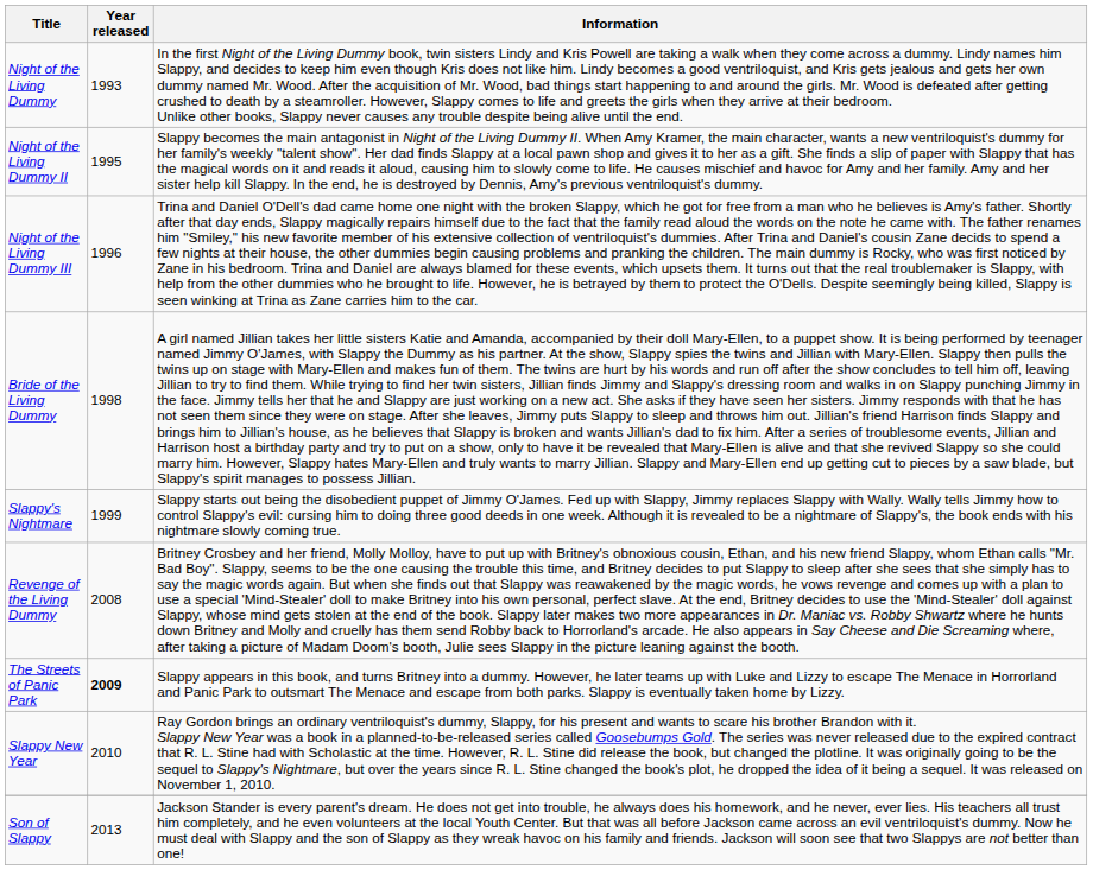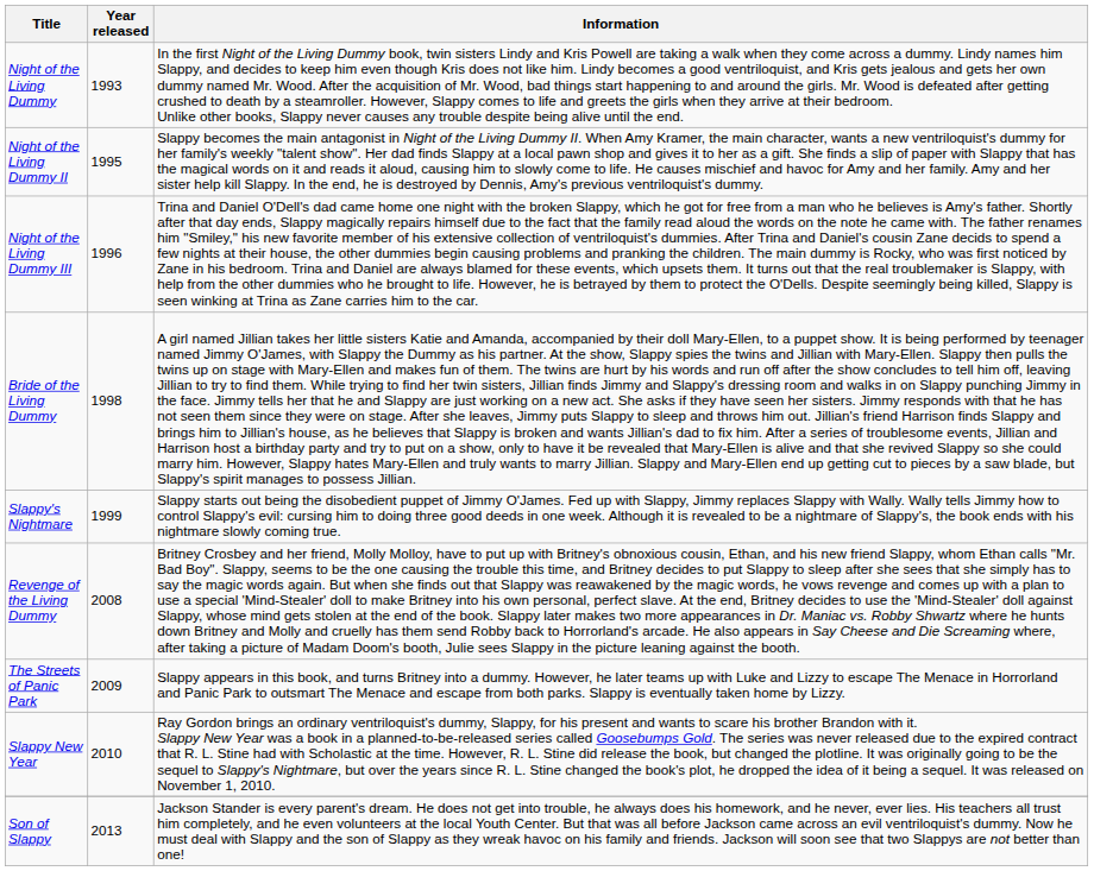 <table class="wikitable">
 <tr>
 <th>Title</th>
 <th>Year released</th>
 <th>Information</th>
 </tr>
 <tr>
 <td><em><a href='#'>Night of the Living Dummy</a></em></td>
 <td>1993</td>
 <td>In the first <em>Night of the Living Dummy</em> book, twin sisters Lindy and Kris Powell are taking a walk when they come across a dummy. Lindy names him Slappy, and decides to keep him even though Kris does not like him. Lindy becomes a good ventriloquist, and Kris gets jealous and gets her own dummy named Mr. Wood. After the acquisition of Mr. Wood, bad things start happening to and around the girls. Mr. Wood is defeated after getting crushed to death by a steamroller. However, Slappy comes to life and greets the girls when they arrive at their bedroom.<br>Unlike other books, Slappy never causes any trouble despite being alive until the end.</td>
 </tr>
 <tr>
 <td><em><a href='#'>Night of the Living Dummy II</a></em></td>
 <td>1995</td>
 <td>Slappy becomes the main antagonist in <em>Night of the Living Dummy II</em>. When Amy Kramer, the main character, wants a new ventriloquist's dummy for her family's weekly "talent show". Her dad finds Slappy at a local pawn shop and gives it to her as a gift. She finds a slip of paper with Slappy that has the magical words on it and reads it aloud, causing him to slowly come to life. He causes mischief and havoc for Amy and her family. Amy and her sister help kill Slappy. In the end, he is destroyed by Dennis, Amy's previous ventriloquist's dummy.</td>
 </tr>
 <tr>
 <td><em><a href='#'>Night of the Living Dummy III</a></em></td>
 <td>1996</td>
 <td>Trina and Daniel O'Dell's dad came home one night with the broken Slappy, which he got for free from a man who he believes is Amy's father. Shortly after that day ends, Slappy magically repairs himself due to the fact that the family read aloud the words on the note he came with. The father renames him "Smiley," his new favorite member of his extensive collection of ventriloquist's dummies. After Trina and Daniel's cousin Zane decids to spend a few nights at their house, the other dummies begin causing problems and pranking the children. The main dummy is Rocky, who was first noticed by Zane in his bedroom. Trina and Daniel are always blamed for these events, which upsets them. It turns out that the real troublemaker is Slappy, with help from the other dummies who he brought to life.  However, he is betrayed by them to protect the O'Dells. Despite seemingly being killed, Slappy is seen winking at Trina as Zane carries him to the car.</td>
 </tr>
 <tr>
 <td><em><a href='#'>Bride of the Living Dummy</a></em></td>
 <td>1998</td>
 <td><br>A girl named Jillian takes her little sisters Katie and Amanda, accompanied by their doll Mary-Ellen, to a puppet show. It is being performed by teenager named Jimmy O'James, with Slappy the Dummy as his partner. At the show, Slappy spies the twins and Jillian with Mary-Ellen. Slappy then pulls the twins up on stage with Mary-Ellen and makes fun of them. The twins are hurt by his words and run off after the show concludes to tell him off, leaving Jillian to try to find them. While trying to find her twin sisters, Jillian finds Jimmy and Slappy's dressing room and walks in on Slappy punching Jimmy in the face. Jimmy tells her that he and Slappy are just working on a new act. She asks if they have seen her sisters. Jimmy responds with that he has not seen them since they were on stage. After she leaves, Jimmy puts Slappy to sleep and throws him out. Jillian's friend Harrison finds Slappy and brings him to Jillian's house, as he believes that Slappy is broken and wants Jillian's dad to fix him. After a series of troublesome events, Jillian and Harrison host a birthday party and try to put on a show, only to have it be revealed that Mary-Ellen is alive and that she revived Slappy so she could marry him. However, Slappy hates Mary-Ellen and truly wants to marry Jillian. Slappy and Mary-Ellen end up getting cut to pieces by a saw blade, but Slappy's spirit manages to possess Jillian.</td>
 </tr>
 <tr>
 <td><em><a href='#'>Slappy's Nightmare</a></em></td>
 <td>1999</td>
 <td>Slappy starts out being the disobedient puppet of Jimmy O'James. Fed up with Slappy, Jimmy replaces Slappy with Wally. Wally tells Jimmy how to control Slappy's evil: cursing him to doing three good deeds in one week. Although it is revealed to be a nightmare of Slappy's, the book ends with his nightmare slowly coming true.</td>
 </tr>
 <tr>
 <td><em><a href='#'>Revenge of the Living Dummy</a></em></td>
 <td>2008</td>
 <td>Britney Crosbey and her friend, Molly Molloy, have to put up with Britney's obnoxious cousin, Ethan, and his new friend Slappy, whom Ethan calls "Mr. Bad Boy". Slappy, seems to be the one causing the trouble this time, and Britney decides to put Slappy to sleep after she sees that she simply has to say the magic words again. But when she finds out that Slappy was reawakened by the magic words, he vows revenge and comes up with a plan to use a special 'Mind-Stealer' doll to make Britney into his own personal, perfect slave. At the end, Britney decides to use the 'Mind-Stealer' doll against Slappy, whose mind gets stolen at the end of the book. Slappy later makes two more appearances in <em>Dr. Maniac vs. Robby Shwartz</em> where he hunts down Britney and Molly and cruelly has them send Robby back to Horrorland's arcade. He also appears in <em>Say Cheese and Die Screaming</em> where, after taking a picture of Madam Doom's booth, Julie sees Slappy in the picture leaning against the booth.</td>
 </tr>
 <tr>
 <td><em><a href='#'>The Streets of Panic Park</a></em></td>
-<td><strong>2009</strong></td>
+<td>2009</td>
 <td>Slappy appears in this book, and turns Britney into a dummy. However, he later teams up with Luke and Lizzy to escape The Menace in Horrorland and Panic Park to outsmart The Menace and escape from both parks. Slappy is eventually taken home by Lizzy.</td>
 </tr>
 <tr>
 <td><em><a href='#'>Slappy New Year</a></em></td>
 <td>2010</td>
 <td>Ray Gordon brings an ordinary ventriloquist's dummy, Slappy, for his present and wants to scare his brother Brandon with it.<br><em>Slappy New Year</em> was a book in a planned-to-be-released series called <em><a href='#'>Goosebumps Gold</a></em>. The series was never released due to the expired contract that R. L. Stine had with Scholastic at the time. However, R. L. Stine did release the book, but changed the plotline. It was originally going to be the sequel to <em>Slappy's Nightmare</em>, but over the years since R. L. Stine changed the book's plot, he dropped the idea of it being a sequel. It was released on November 1, 2010.</td>
 </tr>
 <tr>
 </tr>
 <tr>
 <td><em><a href='#'>Son of Slappy</a></em></td>
 <td>2013</td>
 <td>Jackson Stander is every parent's dream. He does not get into trouble, he always does his homework, and he never, ever lies. His teachers all trust him completely, and he even volunteers at the local Youth Center. But that was all before Jackson came across an evil ventriloquist's dummy. Now he must deal with Slappy and the son of Slappy as they wreak havoc on his family and friends. Jackson will soon see that two Slappys are <em>not</em> better than one!</td>
 </tr>
 </table>
